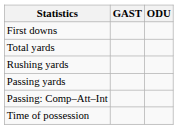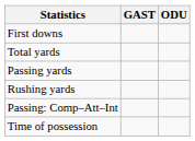 <table class="wikitable" style="float: left;">
 <tr>
 <th>Statistics</th>
 <th>GAST</th>
 <th>ODU</th>
 </tr>
 <tr>
 <td>First downs</td>
 <td></td>
 <td></td>
 </tr>
 <tr>
 <td>Total yards</td>
 <td></td>
 <td></td>
 </tr>
 <tr>
-<td>Rushing yards</td>
+<td>Passing yards</td>
 <td></td>
 <td></td>
 </tr>
 <tr>
-<td>Passing yards</td>
+<td>Rushing yards</td>
 <td></td>
 <td></td>
 </tr>
 <tr>
 <td>Passing: Comp–Att–Int</td>
 <td></td>
 <td></td>
 </tr>
 <tr>
 <td>Time of possession</td>
 <td></td>
 <td></td>
 </tr>
 </table>
